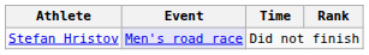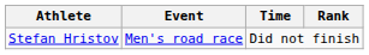 <table class="wikitable" style="font-size:90%">
 <tr>
 <th>Athlete</th>
 <th>Event</th>
 <th>Time</th>
 <th>Rank</th>
 </tr>
 <tr align=center>
 <td align=left><a href='#'>Stefan Hristov</a></td>
-<td align=left style="background: lavender;"><a href='#'>Men's road race</a></td>
+<td align=left><a href='#'>Men's road race</a></td>
 <td colspan=2>Did not finish</td>
 </tr>
 </table>
